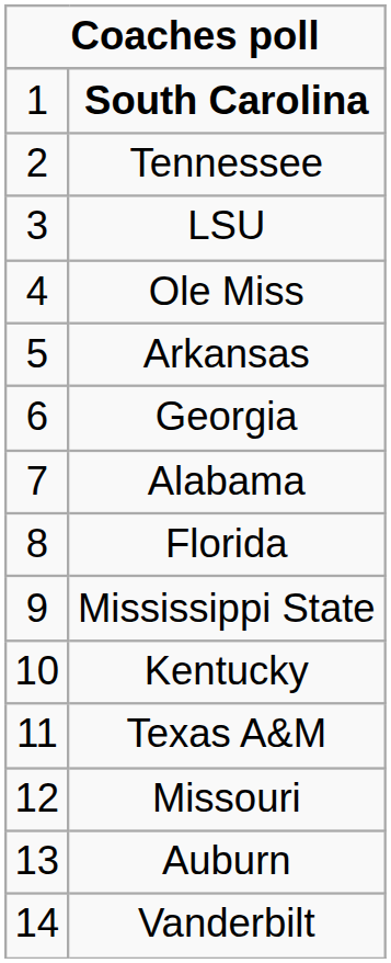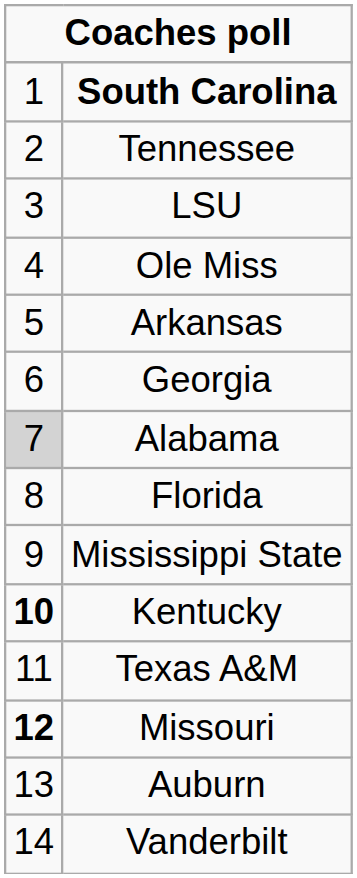 <table class="wikitable">
 <tr align="center">
 <td align="center" Colspan="2"><strong>Coaches poll</strong></td>
 </tr>
 <tr align="center">
 </tr>
 <tr align="center">
 <td>1</td>
 <td><strong>South Carolina</strong></td>
 </tr>
 <tr align="center">
 <td>2</td>
 <td>Tennessee</td>
 </tr>
 <tr align="center">
 <td>3</td>
 <td>LSU</td>
 </tr>
 <tr align="center">
 <td>4</td>
 <td>Ole Miss</td>
 </tr>
 <tr align="center">
 <td>5</td>
 <td>Arkansas</td>
 </tr>
 <tr align="center">
 <td>6</td>
 <td>Georgia</td>
 </tr>
 <tr align="center">
-<td>7</td>
+<td style="background: lightgrey;">7</td>
 <td>Alabama</td>
 </tr>
 <tr align="center">
 <td>8</td>
 <td>Florida</td>
 </tr>
 <tr align="center">
 <td>9</td>
 <td>Mississippi State</td>
 </tr>
 <tr align="center">
-<td>10</td>
+<td><strong>10</strong></td>
 <td>Kentucky</td>
 </tr>
 <tr align="center">
 <td>11</td>
 <td>Texas A&M</td>
 </tr>
 <tr align="center">
-<td>12</td>
+<td><strong>12</strong></td>
 <td>Missouri</td>
 </tr>
 <tr align="center">
 <td>13</td>
 <td>Auburn</td>
 </tr>
 <tr align="center">
 <td>14</td>
 <td>Vanderbilt</td>
 </tr>
 </table>
